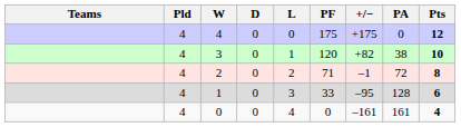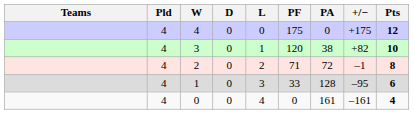 <table class="wikitable" style="text-align: center;">
 <tr>
 <th width="200">Teams</th>
 <th width="40">Pld</th>
 <th width="40">W</th>
 <th width="40">D</th>
 <th width="40">L</th>
 <th width="40">PF</th>
+<th width="40">PA</th>
 <th width="40">+/−</th>
-<th width="40">PA</th>
 <th width="40">Pts</th>
 </tr>
 <tr bgcolor="#ccf">
 <td align="left"></td>
 <td>4</td>
 <td>4</td>
 <td>0</td>
 <td>0</td>
 <td>175</td>
+<td>0</td>
 <td>+175</td>
-<td>0</td>
 <td><strong>12</strong></td>
 </tr>
 <tr bgcolor="#ccffcc">
 <td align="left"></td>
 <td>4</td>
 <td>3</td>
 <td>0</td>
 <td>1</td>
 <td>120</td>
+<td>38</td>
 <td>+82</td>
-<td>38</td>
 <td><strong>10</strong></td>
 </tr>
 <tr bgcolor="FFE4E1">
 <td align="left"></td>
 <td>4</td>
 <td>2</td>
 <td>0</td>
 <td>2</td>
 <td>71</td>
+<td>72</td>
 <td>–1</td>
-<td>72</td>
 <td><strong>8</strong></td>
 </tr>
 <tr bgcolor="DCDCDC">
 <td align="left"></td>
 <td>4</td>
 <td>1</td>
 <td>0</td>
 <td>3</td>
 <td>33</td>
+<td>128</td>
 <td>–95</td>
-<td>128</td>
 <td><strong>6</strong></td>
 </tr>
 <tr>
 <td align="left"></td>
 <td>4</td>
 <td>0</td>
 <td>0</td>
 <td>4</td>
 <td>0</td>
+<td>161</td>
 <td>–161</td>
-<td>161</td>
 <td><strong>4</strong></td>
 </tr>
 </table>
